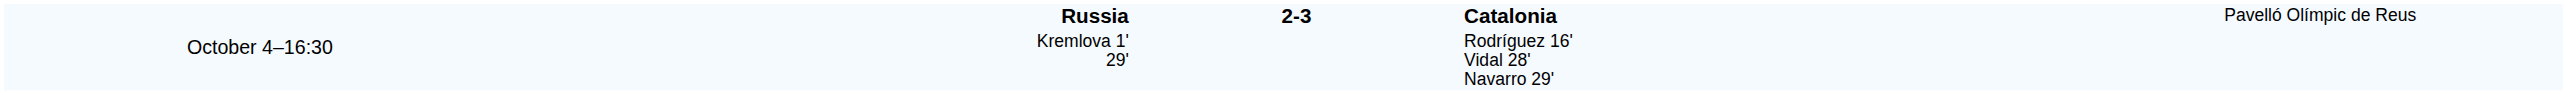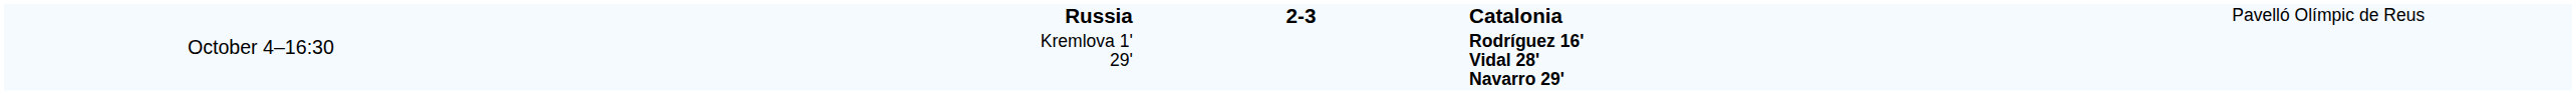 <table style="width: 100%; background:#F5FAFF;" cellspacing="0">
 <tr>
 <td style=font-size:95% align=center rowspan=3 width=20%>October 4–16:30</td>
 </tr>
 <tr>
 <td width=24% align=right><strong>Russia</strong></td>
 <td align=center width=13%><strong>2-3</strong></td>
 <td width=24%><strong>Catalonia</strong></td>
 <td style=font-size:85% rowspan=3 valign=top align=center>Pavelló Olímpic de Reus</td>
 </tr>
 <tr style=font-size:85%>
 <td align=right valign=top>Kremlova 1'<br>29'</td>
 <td></td>
-<td valign=top>Rodríguez 16'<br>Vidal 28'<br>Navarro 29'</td>
+<td valign=top><strong>Rodríguez 16'<br>Vidal 28'<br>Navarro 29'</strong></td>
 </tr>
 </table>
